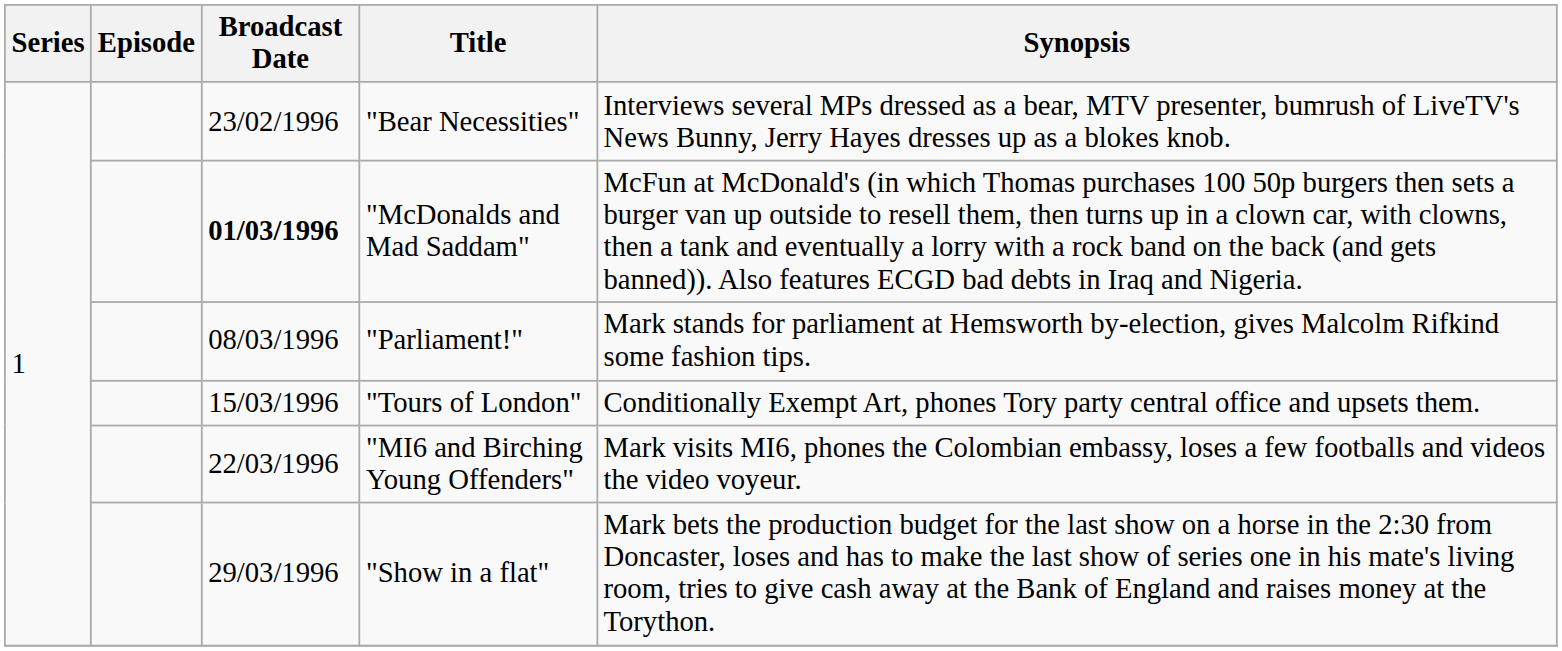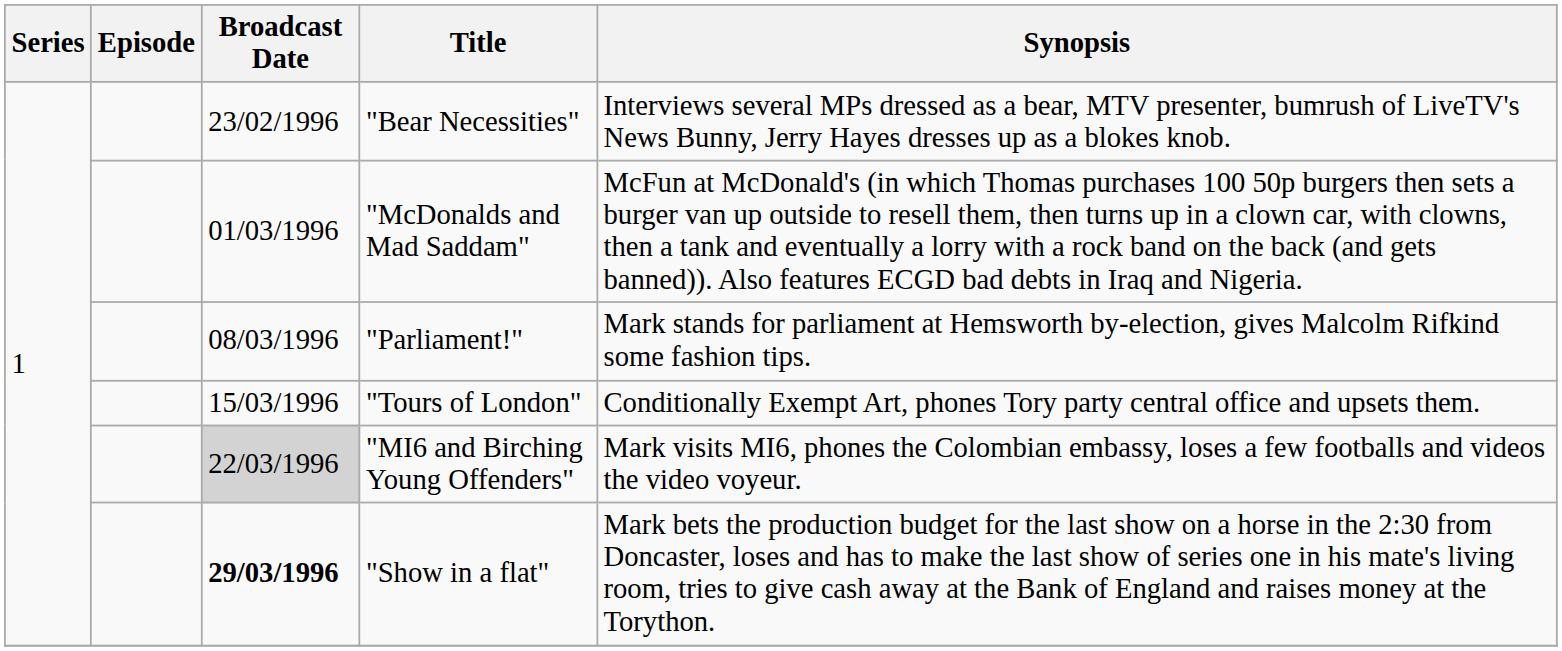 <table class="wikitable">
 <tr>
 <th>Series</th>
 <th>Episode</th>
 <th>Broadcast Date</th>
 <th>Title</th>
 <th>Synopsis</th>
 </tr>
 <tr>
 <td rowspan="6">1</td>
 <td></td>
 <td>23/02/1996</td>
 <td>"Bear Necessities"</td>
 <td>Interviews several MPs dressed as a bear, MTV presenter, bumrush of LiveTV's News Bunny, Jerry Hayes dresses up as a blokes knob.</td>
 </tr>
 <tr>
 <td></td>
-<td><strong>01/03/1996</strong></td>
+<td>01/03/1996</td>
 <td>"McDonalds and Mad Saddam"</td>
 <td>McFun at McDonald's (in which Thomas purchases 100 50p burgers then sets a burger van up outside to resell them, then turns up in a clown car, with clowns, then a tank and eventually a lorry with a rock band on the back (and gets banned)).  Also features ECGD bad debts in Iraq and Nigeria.</td>
 </tr>
 <tr>
 <td></td>
 <td>08/03/1996</td>
 <td>"Parliament!"</td>
 <td>Mark stands for parliament at Hemsworth by-election, gives Malcolm Rifkind some fashion tips.</td>
 </tr>
 <tr>
 <td></td>
 <td>15/03/1996</td>
 <td>"Tours of London"</td>
 <td>Conditionally Exempt Art, phones Tory party central office and upsets them.</td>
 </tr>
 <tr>
 <td></td>
-<td>22/03/1996</td>
+<td style="background: lightgrey;">22/03/1996</td>
 <td>"MI6 and Birching Young Offenders"</td>
 <td>Mark visits MI6, phones the Colombian embassy, loses a few footballs and videos the video voyeur.</td>
 </tr>
 <tr>
 <td></td>
-<td>29/03/1996</td>
+<td><strong>29/03/1996</strong></td>
 <td>"Show in a flat"</td>
 <td>Mark bets the production budget for the last show on a horse in the 2:30 from Doncaster, loses and has to make the last show of series one in his mate's living room, tries to give cash away at the Bank of England and raises money at the Torython.</td>
 </tr>
 <tr>
 </tr>
 </table>
